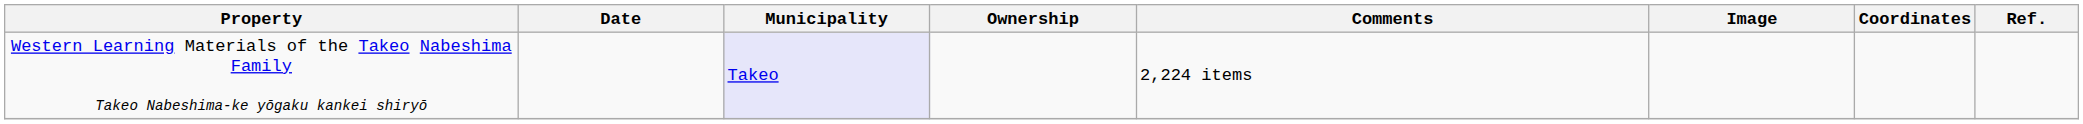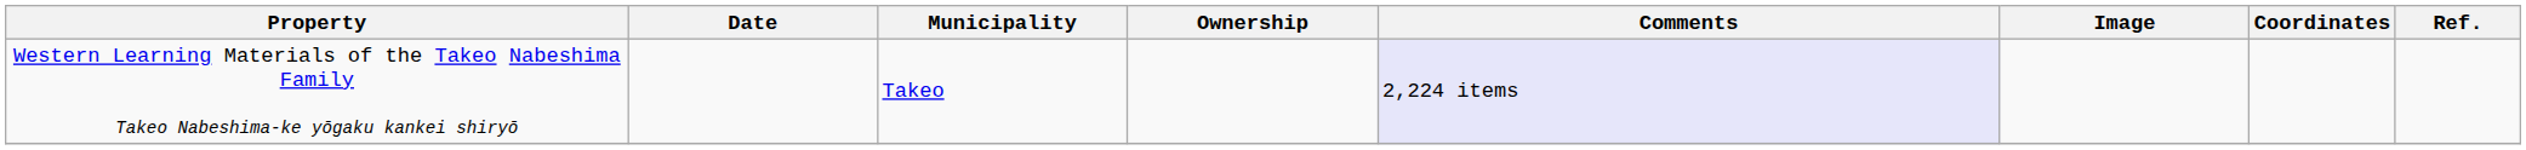 <table class="wikitable sortable"  style="width:100%;">
 <tr>
 <th width="25%" align="left">Property</th>
 <th width="10%" align="left">Date</th>
 <th width="10%" align="left">Municipality</th>
 <th width="10%" align="left">Ownership</th>
 <th width="25%" align="left" class="unsortable">Comments</th>
 <th width="10%" align="left" class="unsortable">Image</th>
 <th width="5%" align="left" class="unsortable">Coordinates</th>
 <th width="5%" align="left" class="unsortable">Ref.</th>
 </tr>
 <tr>
 <td align="center"><a href='#'>Western Learning</a> Materials of the <a href='#'>Takeo</a> <a href='#'>Nabeshima Family</a><br><br><small><em>Takeo Nabeshima-ke yōgaku kankei shiryō</em></small></td>
 <td></td>
-<td style="background: lavender;"><a href='#'>Takeo</a></td>
+<td><a href='#'>Takeo</a></td>
 <td></td>
-<td>2,224 items</td>
+<td style="background: lavender;">2,224 items</td>
 <td></td>
 <td></td>
 <td></td>
 </tr>
 <tr>
 </tr>
 </table>
